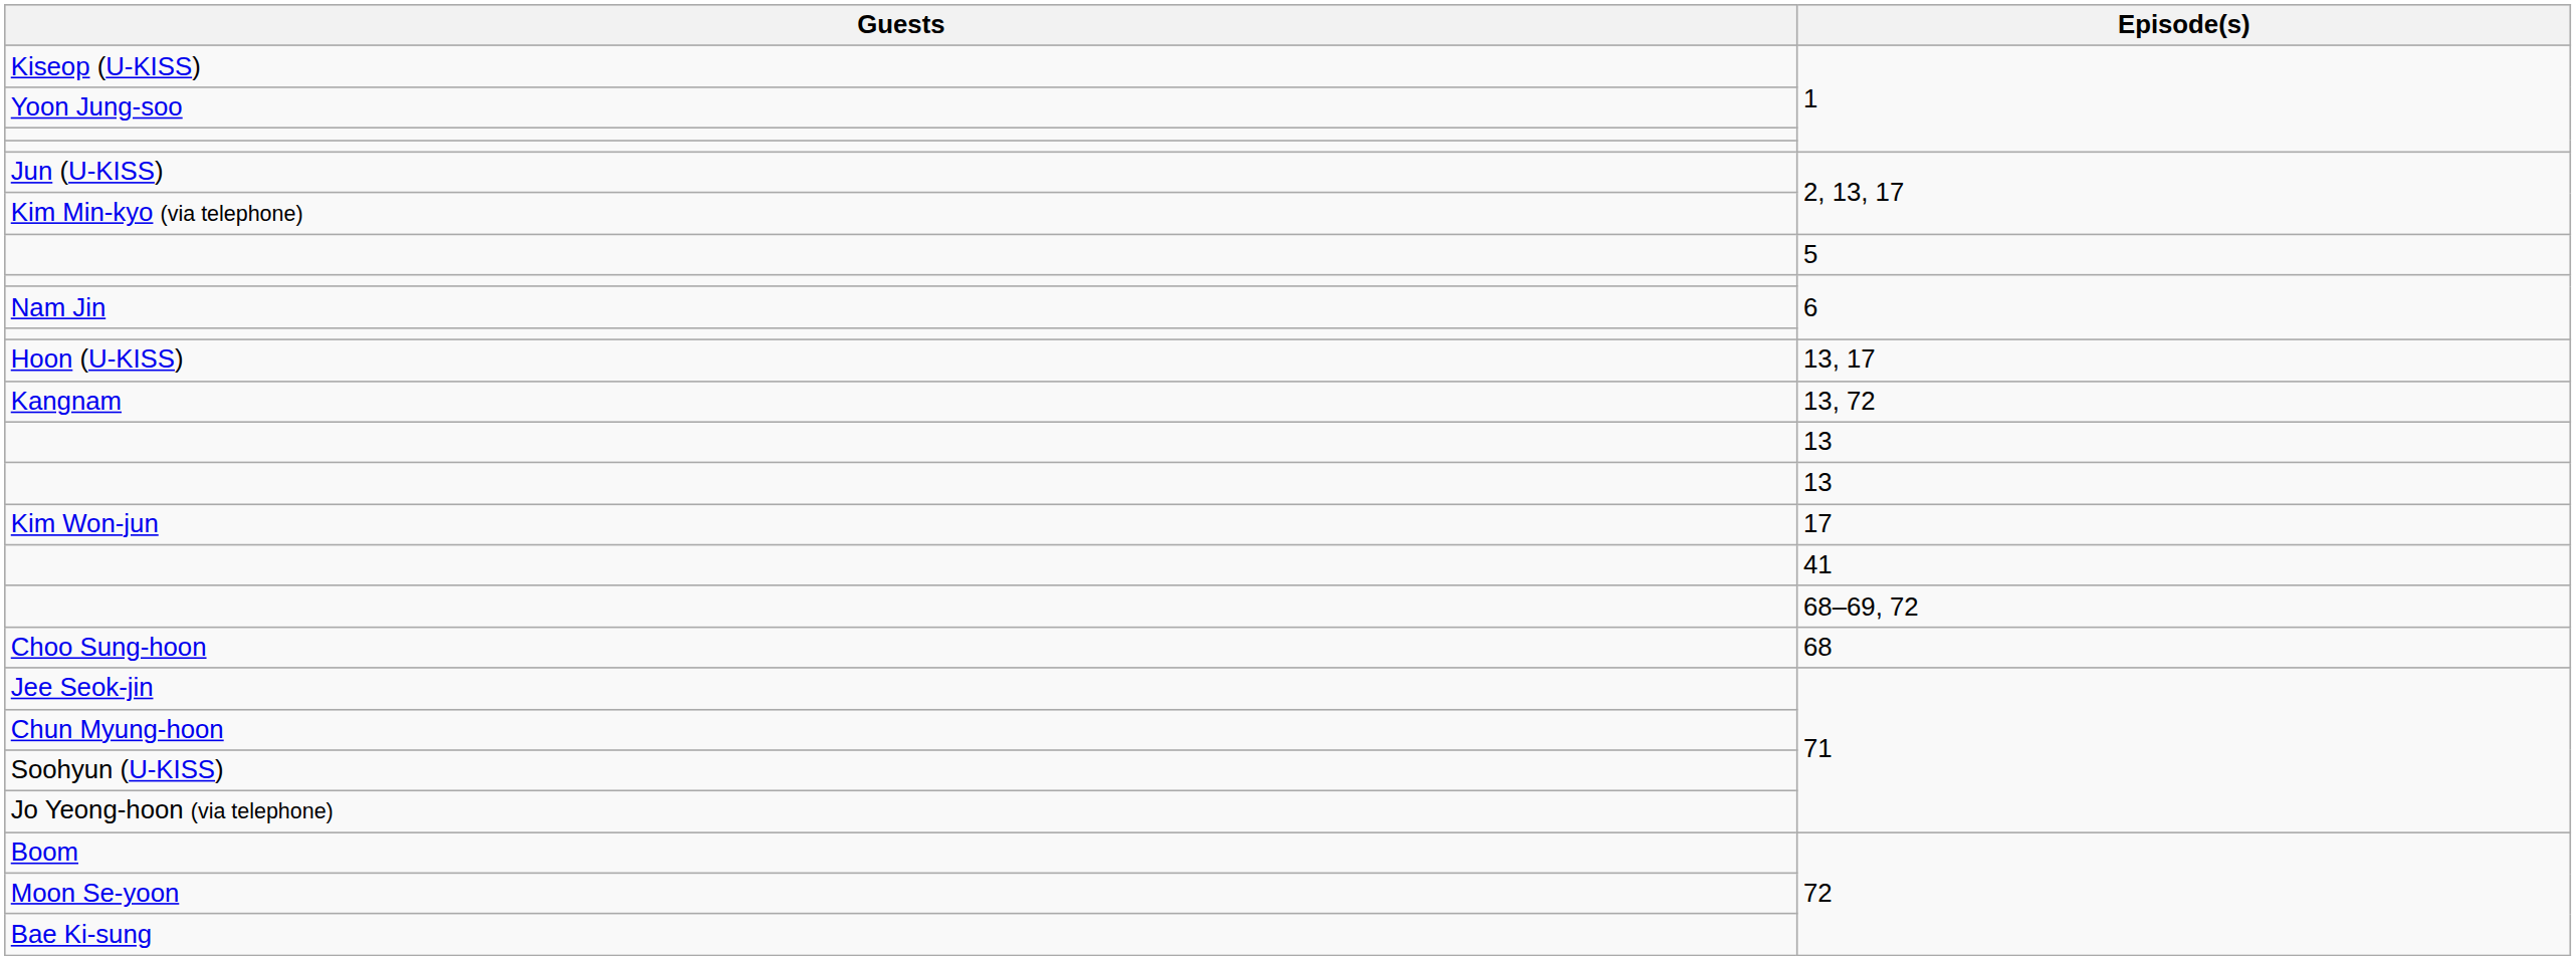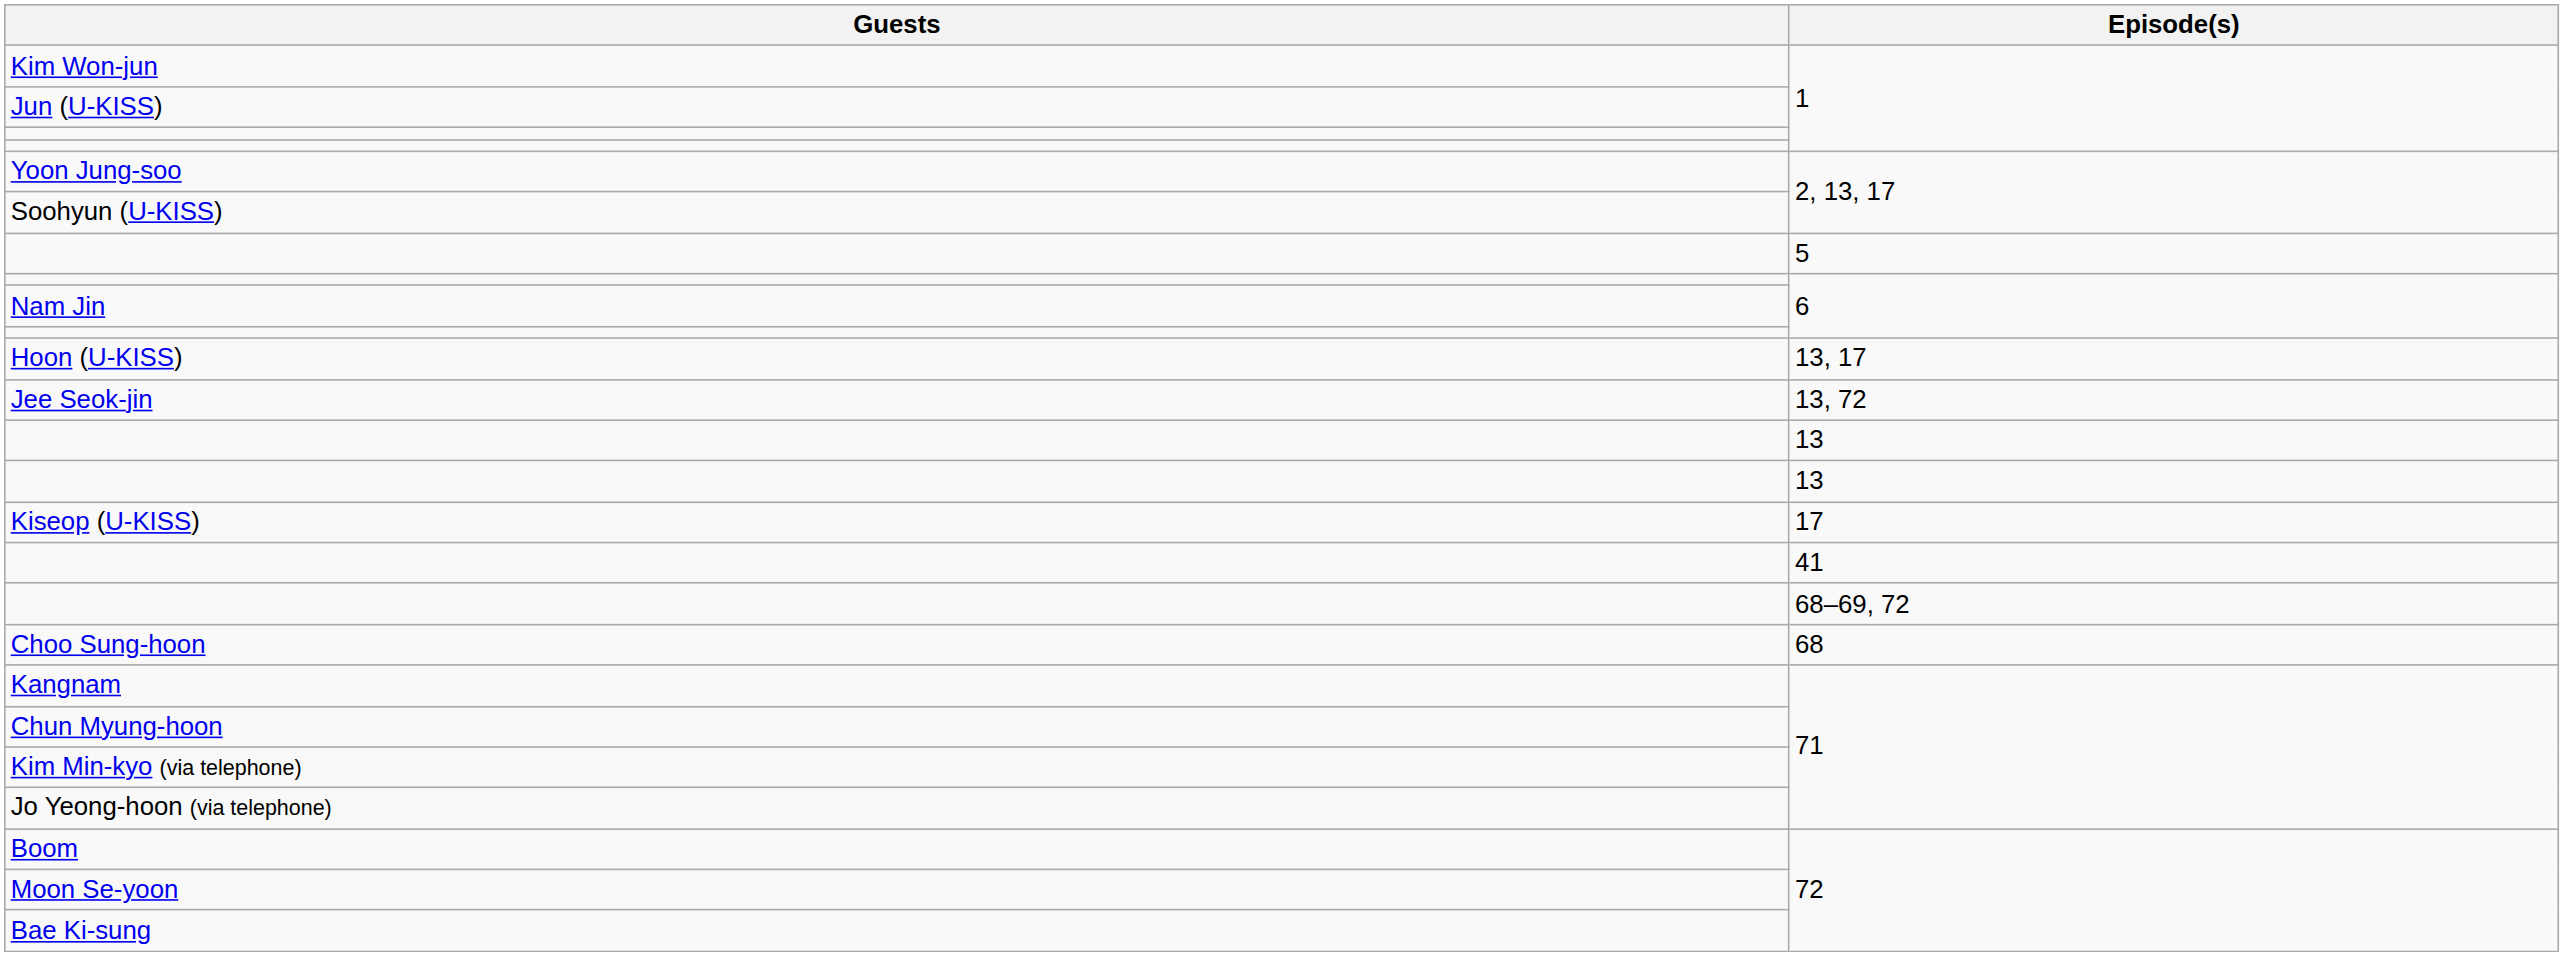 <table class="wikitable" style="width:80%;" style="text-align:center margin:auto">
 <tr>
 <th>Guests</th>
 <th>Episode(s)</th>
 </tr>
 <tr>
-<td><a href='#'>Kiseop</a> (<a href='#'>U-KISS</a>)</td>
+<td><a href='#'>Kim Won-jun</a></td>
 <td rowspan="4">1</td>
 </tr>
 <tr>
-<td><a href='#'>Yoon Jung-soo</a></td>
+<td><a href='#'>Jun</a> (<a href='#'>U-KISS</a>)</td>
 </tr>
 <tr>
 <td></td>
 </tr>
 <tr>
 <td></td>
 </tr>
 <tr>
-<td><a href='#'>Jun</a> (<a href='#'>U-KISS</a>)</td>
+<td><a href='#'>Yoon Jung-soo</a></td>
 <td rowspan="2">2, 13, 17</td>
 </tr>
 <tr>
-<td><a href='#'>Kim Min-kyo</a> <small>(via telephone)</small></td>
+<td>Soohyun (<a href='#'>U-KISS</a>)</td>
 </tr>
 <tr>
 <td></td>
 <td>5</td>
 </tr>
 <tr>
 <td></td>
 <td rowspan="3">6</td>
 </tr>
 <tr>
 <td><a href='#'>Nam Jin</a></td>
 </tr>
 <tr>
 <td></td>
 </tr>
 <tr>
 <td><a href='#'>Hoon</a> (<a href='#'>U-KISS</a>)</td>
 <td>13, 17</td>
 </tr>
 <tr>
-<td><a href='#'>Kangnam</a></td>
+<td><a href='#'>Jee Seok-jin</a></td>
 <td>13, 72</td>
 </tr>
 <tr>
 <td></td>
 <td>13</td>
 </tr>
 <tr>
 <td></td>
 <td>13</td>
 </tr>
 <tr>
-<td><a href='#'>Kim Won-jun</a></td>
+<td><a href='#'>Kiseop</a> (<a href='#'>U-KISS</a>)</td>
 <td>17</td>
 </tr>
 <tr>
 <td></td>
 <td>41</td>
 </tr>
 <tr>
 <td></td>
 <td>68–69, 72</td>
 </tr>
 <tr>
 <td><a href='#'>Choo Sung-hoon</a></td>
 <td>68</td>
 </tr>
 <tr>
-<td><a href='#'>Jee Seok-jin</a></td>
+<td><a href='#'>Kangnam</a></td>
 <td rowspan="4">71</td>
 </tr>
 <tr>
 <td><a href='#'>Chun Myung-hoon</a></td>
 </tr>
 <tr>
-<td>Soohyun (<a href='#'>U-KISS</a>)</td>
+<td><a href='#'>Kim Min-kyo</a> <small>(via telephone)</small></td>
 </tr>
 <tr>
 <td>Jo Yeong-hoon <small>(via telephone)</small></td>
 </tr>
 <tr>
 <td><a href='#'>Boom</a></td>
 <td rowspan="4">72</td>
 </tr>
 <tr>
 <td><a href='#'>Moon Se-yoon</a></td>
 </tr>
 <tr>
 <td><a href='#'>Bae Ki-sung</a></td>
 </tr>
 </table>
